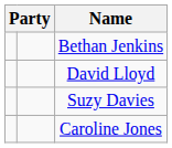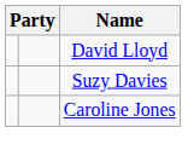 <table class="wikitable" style="text-align:center">
 <tr>
 <th colspan="2">Party</th>
 <th>Name</th>
-</tr>
-<tr>
-<td style="width: 4px" bgcolor=></td>
-<td style="text-align: left;" scope="row"><a href='#'></a></td>
-<td><a href='#'>Bethan Jenkins</a></td>
 </tr>
 <tr>
 <td style="width: 4px" bgcolor=></td>
 <td style="text-align: left;" scope="row"><a href='#'></a></td>
 <td><a href='#'>David Lloyd</a></td>
 </tr>
 <tr>
 <td style="width: 4px"></td>
 <td style="text-align: left;" scope="row"><a href='#'></a></td>
 <td><a href='#'>Suzy Davies</a></td>
 </tr>
 <tr>
 <td style="width: 4px"></td>
 <td style="text-align: left;" scope="row"><a href='#'></a></td>
 <td><a href='#'>Caroline Jones</a></td>
 </tr>
 </table>
